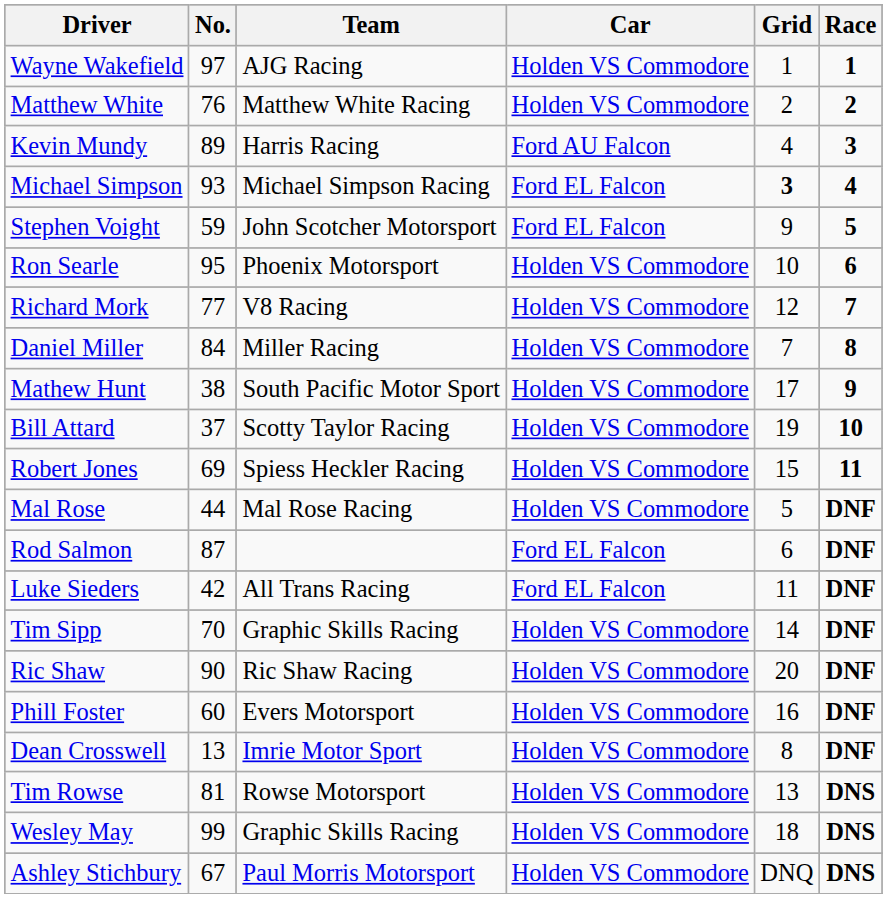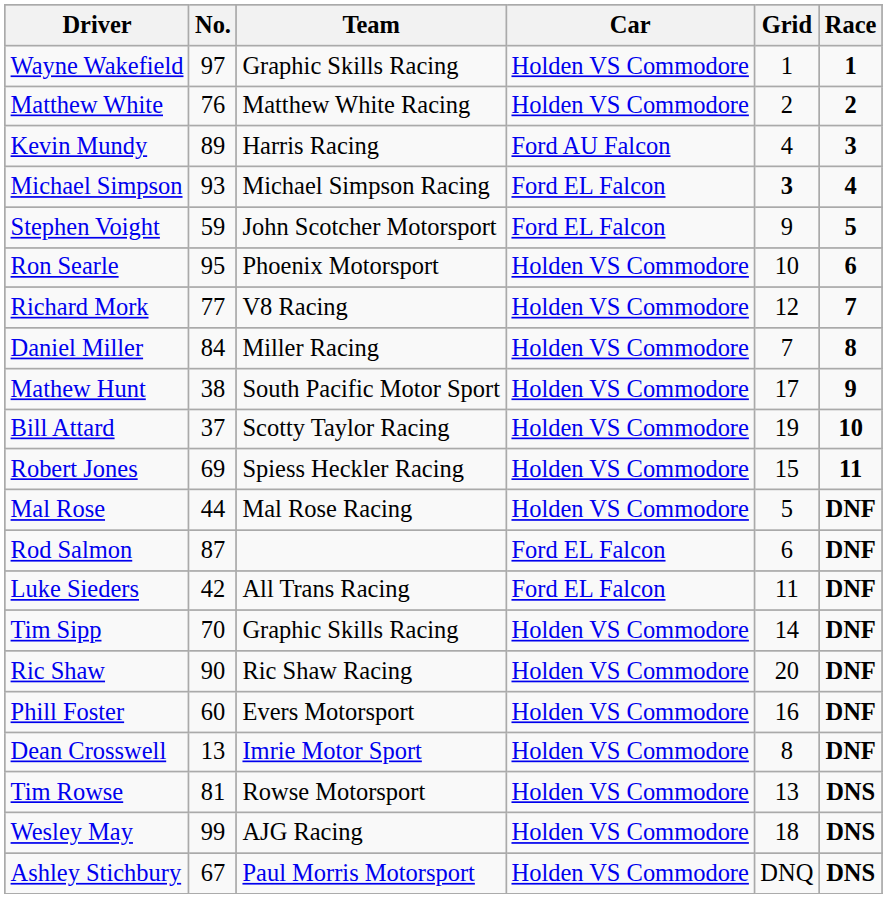 <table class="wikitable" style="font-size: 90%">
 <tr>
 <th>Driver</th>
 <th>No.</th>
 <th>Team</th>
 <th>Car</th>
 <th>Grid</th>
 <th>Race</th>
 </tr>
 <tr>
 <td> <a href='#'>Wayne Wakefield</a></td>
 <td align="center">97</td>
-<td>AJG Racing</td>
+<td>Graphic Skills Racing</td>
 <td><a href='#'>Holden VS Commodore</a></td>
 <td align="center">1</td>
 <td align="center"><strong>1</strong></td>
 </tr>
 <tr>
 <td> <a href='#'>Matthew White</a></td>
 <td align="center">76</td>
 <td>Matthew White Racing</td>
 <td><a href='#'>Holden VS Commodore</a></td>
 <td align="center">2</td>
 <td align="center"><strong>2</strong></td>
 </tr>
 <tr>
 <td> <a href='#'>Kevin Mundy</a></td>
 <td align="center">89</td>
 <td>Harris Racing</td>
 <td><a href='#'>Ford AU Falcon</a></td>
 <td align="center">4</td>
 <td align="center"><strong>3</strong></td>
 </tr>
 <tr>
 <td> <a href='#'>Michael Simpson</a></td>
 <td align="center">93</td>
 <td>Michael Simpson Racing</td>
 <td><a href='#'>Ford EL Falcon</a></td>
 <td align="center"><strong>3</strong></td>
 <td align="center"><strong>4</strong></td>
 </tr>
 <tr>
 <td> <a href='#'>Stephen Voight</a></td>
 <td align="center">59</td>
 <td>John Scotcher Motorsport</td>
 <td><a href='#'>Ford EL Falcon</a></td>
 <td align="center">9</td>
 <td align="center"><strong>5</strong></td>
 </tr>
 <tr>
 <td> <a href='#'>Ron Searle</a></td>
 <td align="center">95</td>
 <td>Phoenix Motorsport</td>
 <td><a href='#'>Holden VS Commodore</a></td>
 <td align="center">10</td>
 <td align="center"><strong>6</strong></td>
 </tr>
 <tr>
 <td> <a href='#'>Richard Mork</a></td>
 <td align="center">77</td>
 <td>V8 Racing</td>
 <td><a href='#'>Holden VS Commodore</a></td>
 <td align="center">12</td>
 <td align="center"><strong>7</strong></td>
 </tr>
 <tr>
 <td> <a href='#'>Daniel Miller</a></td>
 <td align="center">84</td>
 <td>Miller Racing</td>
 <td><a href='#'>Holden VS Commodore</a></td>
 <td align="center">7</td>
 <td align="center"><strong>8</strong></td>
 </tr>
 <tr>
 <td> <a href='#'>Mathew Hunt</a></td>
 <td align="center">38</td>
 <td>South Pacific Motor Sport</td>
 <td><a href='#'>Holden VS Commodore</a></td>
 <td align="center">17</td>
 <td align="center"><strong>9</strong></td>
 </tr>
 <tr>
 <td> <a href='#'>Bill Attard</a></td>
 <td align="center">37</td>
 <td>Scotty Taylor Racing</td>
 <td><a href='#'>Holden VS Commodore</a></td>
 <td align="center">19</td>
 <td align="center"><strong>10</strong></td>
 </tr>
 <tr>
 <td> <a href='#'>Robert Jones</a></td>
 <td align="center">69</td>
 <td>Spiess Heckler Racing</td>
 <td><a href='#'>Holden VS Commodore</a></td>
 <td align="center">15</td>
 <td align="center"><strong>11</strong></td>
 </tr>
 <tr>
 <td> <a href='#'>Mal Rose</a></td>
 <td align="center">44</td>
 <td>Mal Rose Racing</td>
 <td><a href='#'>Holden VS Commodore</a></td>
 <td align="center">5</td>
 <td align="center"><strong>DNF</strong></td>
 </tr>
 <tr>
 <td> <a href='#'>Rod Salmon</a></td>
 <td align="center">87</td>
 <td></td>
 <td><a href='#'>Ford EL Falcon</a></td>
 <td align="center">6</td>
 <td align="center"><strong>DNF</strong></td>
 </tr>
 <tr>
 <td> <a href='#'>Luke Sieders</a></td>
 <td align="center">42</td>
 <td>All Trans Racing</td>
 <td><a href='#'>Ford EL Falcon</a></td>
 <td align="center">11</td>
 <td align="center"><strong>DNF</strong></td>
 </tr>
 <tr>
 <td> <a href='#'>Tim Sipp</a></td>
 <td align="center">70</td>
 <td>Graphic Skills Racing</td>
 <td><a href='#'>Holden VS Commodore</a></td>
 <td align="center">14</td>
 <td align="center"><strong>DNF</strong></td>
 </tr>
 <tr>
 <td> <a href='#'>Ric Shaw</a></td>
 <td align="center">90</td>
 <td>Ric Shaw Racing</td>
 <td><a href='#'>Holden VS Commodore</a></td>
 <td align="center">20</td>
 <td align="center"><strong>DNF</strong></td>
 </tr>
 <tr>
 <td> <a href='#'>Phill Foster</a></td>
 <td align="center">60</td>
 <td>Evers Motorsport</td>
 <td><a href='#'>Holden VS Commodore</a></td>
 <td align="center">16</td>
 <td align="center"><strong>DNF</strong></td>
 </tr>
 <tr>
 <td> <a href='#'>Dean Crosswell</a></td>
 <td align="center">13</td>
 <td><a href='#'>Imrie Motor Sport</a></td>
 <td><a href='#'>Holden VS Commodore</a></td>
 <td align="center">8</td>
 <td align="center"><strong>DNF</strong></td>
 </tr>
 <tr>
 <td> <a href='#'>Tim Rowse</a></td>
 <td align="center">81</td>
 <td>Rowse Motorsport</td>
 <td><a href='#'>Holden VS Commodore</a></td>
 <td align="center">13</td>
 <td align="center"><strong>DNS</strong></td>
 </tr>
 <tr>
 <td> <a href='#'>Wesley May</a></td>
 <td align="center">99</td>
-<td>Graphic Skills Racing</td>
+<td>AJG Racing</td>
 <td><a href='#'>Holden VS Commodore</a></td>
 <td align="center">18</td>
 <td align="center"><strong>DNS</strong></td>
 </tr>
 <tr>
 <td> <a href='#'>Ashley Stichbury</a></td>
 <td align="center">67</td>
 <td><a href='#'>Paul Morris Motorsport</a></td>
 <td><a href='#'>Holden VS Commodore</a></td>
 <td align="center">DNQ</td>
 <td align="center"><strong>DNS</strong></td>
 </tr>
 <tr>
 </tr>
 </table>
